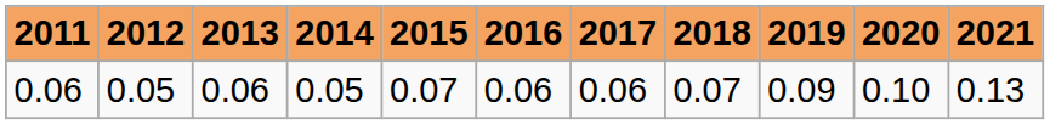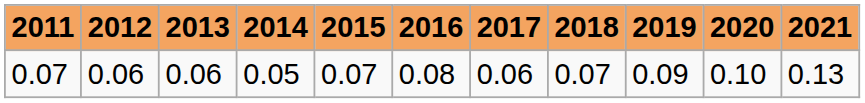 <table class="wikitable" border="1">
 <tr align="center" style="background:#f4a460;">
 <td><strong>2011</strong></td>
 <td><strong>2012</strong></td>
 <td><strong>2013</strong></td>
 <td><strong>2014</strong></td>
 <td><strong>2015</strong></td>
 <td><strong>2016</strong></td>
 <td><strong>2017</strong></td>
 <td><strong>2018</strong></td>
 <td><strong>2019</strong></td>
 <td><strong>2020</strong></td>
 <td><strong>2021</strong></td>
 </tr>
 <tr>
+<td>0.07</td>
 <td>0.06</td>
-<td>0.05</td>
 <td>0.06</td>
 <td>0.05</td>
 <td>0.07</td>
-<td>0.06</td>
+<td>0.08</td>
 <td>0.06</td>
 <td>0.07</td>
 <td>0.09</td>
 <td>0.10</td>
 <td>0.13</td>
 </tr>
 </table>
